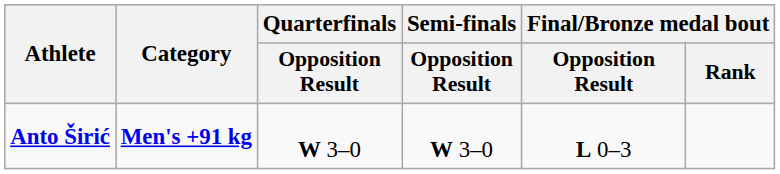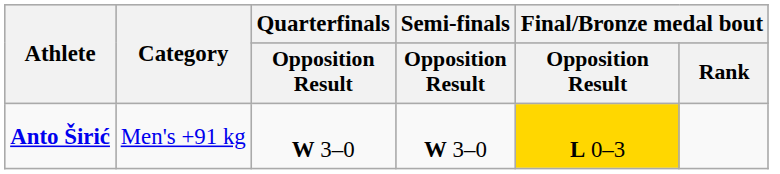 <table class="wikitable" style="text-align:center; font-size:90%">
 <tr>
 <th rowspan=2>Athlete</th>
 <th rowspan=2>Category</th>
 <th>Quarterfinals</th>
 <th>Semi-finals</th>
 <th colspan=2>Final/Bronze medal bout</th>
 </tr>
 <tr style="font-size:95%">
 <th>Opposition<br>Result</th>
 <th>Opposition<br>Result</th>
 <th>Opposition<br>Result</th>
 <th>Rank</th>
 </tr>
 <tr>
 <td align=left><strong><a href='#'>Anto Širić</a></strong></td>
-<td align=left><strong><a href='#'>Men's +91 kg</a></strong></td>
+<td align=left><a href='#'>Men's +91 kg</a></td>
 <td><br> <strong>W</strong> 3–0</td>
 <td><br> <strong>W</strong> 3–0</td>
-<td><br> <strong>L</strong> 0–3</td>
+<td style="background: gold;"><br> <strong>L</strong> 0–3</td>
 <td></td>
 </tr>
 </table>
